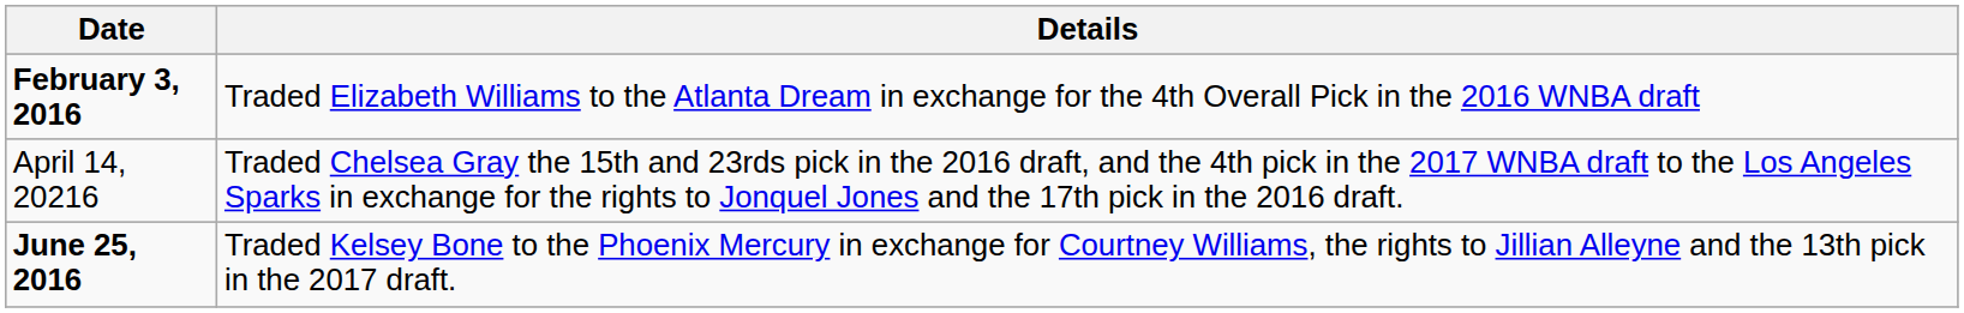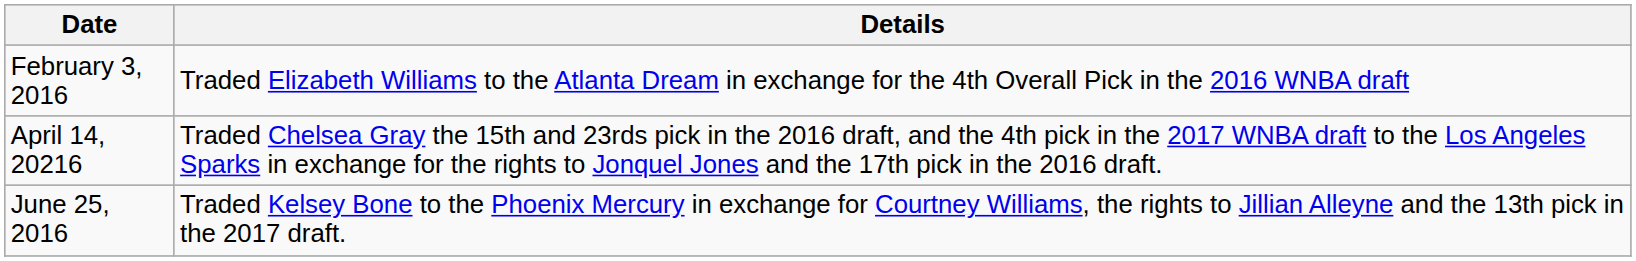 <table class="wikitable" style="width:80%" style="text-align:center;">
 <tr>
 <th>Date</th>
 <th>Details</th>
 </tr>
 <tr>
-<td><strong>February 3, 2016</strong></td>
+<td>February 3, 2016</td>
 <td>Traded <a href='#'>Elizabeth Williams</a> to the <a href='#'>Atlanta Dream</a> in exchange for the 4th Overall Pick in the <a href='#'>2016 WNBA draft</a></td>
 </tr>
 <tr>
 <td>April 14, 20216</td>
 <td>Traded <a href='#'>Chelsea Gray</a> the 15th and 23rds pick in the 2016 draft, and the 4th pick in the <a href='#'>2017 WNBA draft</a> to the <a href='#'>Los Angeles Sparks</a> in exchange for the rights to <a href='#'>Jonquel Jones</a> and the 17th pick in the 2016 draft.</td>
 </tr>
 <tr>
-<td><strong>June 25, 2016</strong></td>
+<td>June 25, 2016</td>
 <td>Traded <a href='#'>Kelsey Bone</a> to the <a href='#'>Phoenix Mercury</a> in exchange for <a href='#'>Courtney Williams</a>, the rights to <a href='#'>Jillian Alleyne</a> and the 13th pick in the 2017 draft.</td>
 </tr>
 </table>
